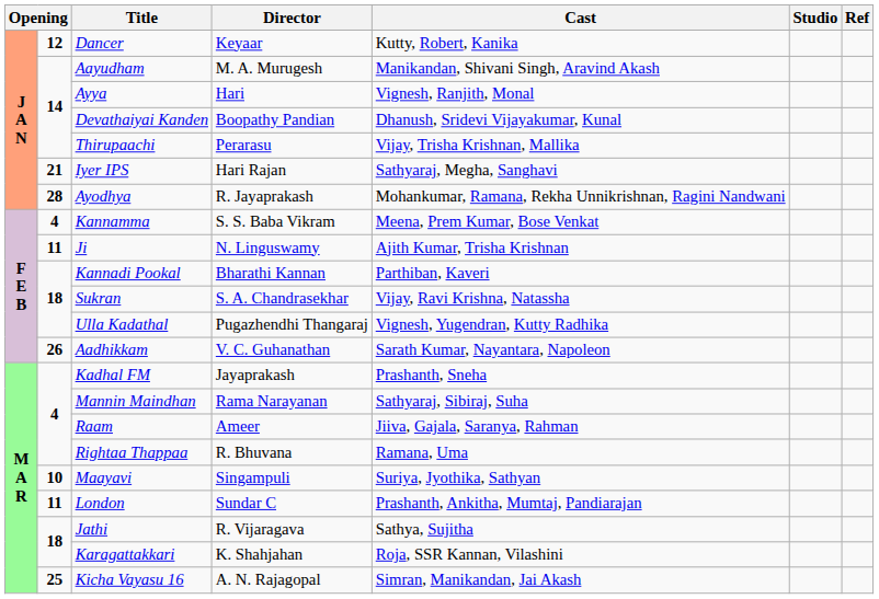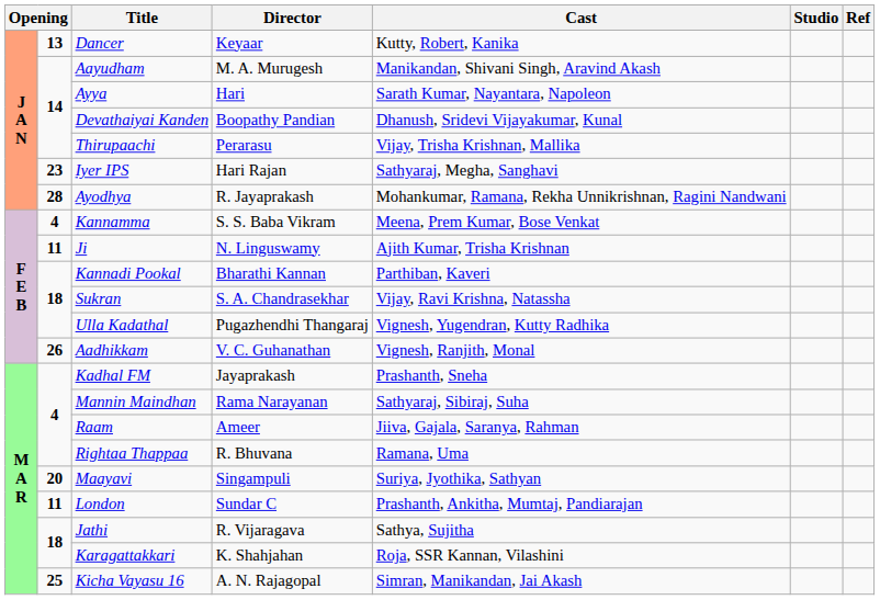 <table class="wikitable">
 <tr>
 <th colspan="2">Opening</th>
 <th>Title</th>
 <th>Director</th>
 <th>Cast</th>
 <th>Studio</th>
 <th>Ref</th>
 </tr>
 <tr January!>
 <td rowspan="7" valign="center" align="center" style="background:#FFA07A; textcolor:#000;"><strong>J<br>A<br>N</strong></td>
-<td rowspan="1" align="center"><strong>12</strong></td>
+<td rowspan="1" align="center"><strong>13</strong></td>
 <td><em><a href='#'>Dancer</a></em></td>
 <td><a href='#'>Keyaar</a></td>
 <td>Kutty, <a href='#'>Robert</a>, <a href='#'>Kanika</a></td>
 <td></td>
 <td></td>
 </tr>
 <tr>
 <td rowspan="4" align="center"><strong>14</strong></td>
 <td><em><a href='#'>Aayudham</a></em></td>
 <td>M. A. Murugesh</td>
 <td><a href='#'>Manikandan</a>, Shivani Singh, <a href='#'>Aravind Akash</a></td>
 <td></td>
 <td></td>
 </tr>
 <tr>
 <td><em><a href='#'>Ayya</a></em></td>
 <td><a href='#'>Hari</a></td>
-<td><a href='#'>Vignesh</a>, <a href='#'>Ranjith</a>, <a href='#'>Monal</a></td>
+<td><a href='#'>Sarath Kumar</a>, <a href='#'>Nayantara</a>, <a href='#'>Napoleon</a></td>
 <td></td>
 <td></td>
 </tr>
 <tr>
 <td><em><a href='#'>Devathaiyai Kanden</a></em></td>
 <td><a href='#'>Boopathy Pandian</a></td>
 <td><a href='#'>Dhanush</a>, <a href='#'>Sridevi Vijayakumar</a>, <a href='#'>Kunal</a></td>
 <td></td>
 <td></td>
 </tr>
 <tr>
 <td><em><a href='#'>Thirupaachi</a></em></td>
 <td><a href='#'>Perarasu</a></td>
 <td><a href='#'>Vijay</a>, <a href='#'>Trisha Krishnan</a>, <a href='#'>Mallika</a></td>
 <td></td>
 <td></td>
 </tr>
 <tr>
-<td rowspan="1" align="center"><strong>21</strong></td>
+<td rowspan="1" align="center"><strong>23</strong></td>
 <td><em><a href='#'>Iyer IPS</a></em></td>
 <td>Hari Rajan</td>
 <td><a href='#'>Sathyaraj</a>, Megha, <a href='#'>Sanghavi</a></td>
 <td></td>
 <td></td>
 </tr>
 <tr>
 <td rowspan="1" align="center"><strong>28</strong></td>
 <td><em><a href='#'>Ayodhya</a></em></td>
 <td>R. Jayaprakash</td>
 <td>Mohankumar, <a href='#'>Ramana</a>, Rekha Unnikrishnan, <a href='#'>Ragini Nandwani</a></td>
 <td></td>
 <td></td>
 </tr>
 <tr February!>
 <td rowspan="6" valign="center" align="center" style="background:#D8BFD8; textcolor:#000;"><strong>F<br>E<br>B</strong></td>
 <td rowspan="1" align="center"><strong>4</strong></td>
 <td><em><a href='#'>Kannamma</a></em></td>
 <td>S. S. Baba Vikram</td>
 <td><a href='#'>Meena</a>, <a href='#'>Prem Kumar</a>, <a href='#'>Bose Venkat</a></td>
 <td></td>
 <td></td>
 </tr>
 <tr>
 <td rowspan="1" align="center"><strong>11</strong></td>
 <td><em><a href='#'>Ji</a></em></td>
 <td><a href='#'>N. Linguswamy</a></td>
 <td><a href='#'>Ajith Kumar</a>, <a href='#'>Trisha Krishnan</a></td>
 <td></td>
 </tr>
 <tr>
 <td rowspan="3" align="center"><strong>18</strong></td>
 <td><em><a href='#'>Kannadi Pookal</a></em></td>
 <td><a href='#'>Bharathi Kannan</a></td>
 <td><a href='#'>Parthiban</a>, <a href='#'>Kaveri</a></td>
 <td></td>
 <td></td>
 </tr>
 <tr>
 <td><em><a href='#'>Sukran</a></em></td>
 <td><a href='#'>S. A. Chandrasekhar</a></td>
 <td><a href='#'>Vijay</a>, <a href='#'>Ravi Krishna</a>, <a href='#'>Natassha</a></td>
 <td></td>
 <td></td>
 </tr>
 <tr>
 <td><em><a href='#'>Ulla Kadathal</a></em></td>
 <td>Pugazhendhi Thangaraj</td>
 <td><a href='#'>Vignesh</a>, <a href='#'>Yugendran</a>, <a href='#'>Kutty Radhika</a></td>
 <td></td>
 <td></td>
 </tr>
 <tr>
 <td align="center"><strong>26</strong></td>
 <td><em><a href='#'>Aadhikkam</a></em></td>
 <td><a href='#'>V. C. Guhanathan</a></td>
-<td><a href='#'>Sarath Kumar</a>, <a href='#'>Nayantara</a>, <a href='#'>Napoleon</a></td>
+<td><a href='#'>Vignesh</a>, <a href='#'>Ranjith</a>, <a href='#'>Monal</a></td>
 <td></td>
 <td></td>
 </tr>
 <tr March!>
 <td rowspan="9" valign="center" align="center" style="background:#98FB98; textcolor:#000;"><strong>M<br>A<br>R</strong></td>
 <td rowspan="4" align="center"><strong>4</strong></td>
 <td><em><a href='#'>Kadhal FM</a></em></td>
 <td>Jayaprakash</td>
 <td><a href='#'>Prashanth</a>, <a href='#'>Sneha</a></td>
 <td></td>
 <td></td>
 </tr>
 <tr>
 <td><em><a href='#'>Mannin Maindhan</a></em></td>
 <td><a href='#'>Rama Narayanan</a></td>
 <td><a href='#'>Sathyaraj</a>, <a href='#'>Sibiraj</a>, <a href='#'>Suha</a></td>
 <td></td>
 <td></td>
 </tr>
 <tr>
 <td><em><a href='#'>Raam</a></em></td>
 <td><a href='#'>Ameer</a></td>
 <td><a href='#'>Jiiva</a>, <a href='#'>Gajala</a>, <a href='#'>Saranya</a>, <a href='#'>Rahman</a></td>
 <td></td>
 <td></td>
 </tr>
 <tr>
 <td><em><a href='#'>Rightaa Thappaa</a></em></td>
 <td>R. Bhuvana</td>
 <td><a href='#'>Ramana</a>, <a href='#'>Uma</a></td>
 <td></td>
 <td></td>
 </tr>
 <tr>
-<td rowspan="1" align="center"><strong>10</strong></td>
+<td rowspan="1" align="center"><strong>20</strong></td>
 <td><em><a href='#'>Maayavi</a></em></td>
 <td><a href='#'>Singampuli</a></td>
 <td><a href='#'>Suriya</a>, <a href='#'>Jyothika</a>, <a href='#'>Sathyan</a></td>
 <td></td>
 <td></td>
 </tr>
 <tr>
 <td rowspan="1" align="center"><strong>11</strong></td>
 <td><em><a href='#'>London</a></em></td>
 <td><a href='#'>Sundar C</a></td>
 <td><a href='#'>Prashanth</a>, <a href='#'>Ankitha</a>, <a href='#'>Mumtaj</a>, <a href='#'>Pandiarajan</a></td>
 <td></td>
 <td></td>
 </tr>
 <tr>
 <td rowspan="2" align="center"><strong>18</strong></td>
 <td><em><a href='#'>Jathi</a></em></td>
 <td>R. Vijaragava</td>
 <td>Sathya, <a href='#'>Sujitha</a></td>
 <td></td>
 <td></td>
 </tr>
 <tr>
 <td><em><a href='#'>Karagattakkari</a></em></td>
 <td>K. Shahjahan</td>
 <td><a href='#'>Roja</a>, SSR Kannan, Vilashini</td>
 <td></td>
 <td></td>
 </tr>
 <tr>
 <td align="center"><strong>25</strong></td>
 <td><em><a href='#'>Kicha Vayasu 16</a></em></td>
 <td>A. N. Rajagopal</td>
 <td><a href='#'>Simran</a>, <a href='#'>Manikandan</a>, <a href='#'>Jai Akash</a></td>
 <td></td>
 <td></td>
 </tr>
 </table>
